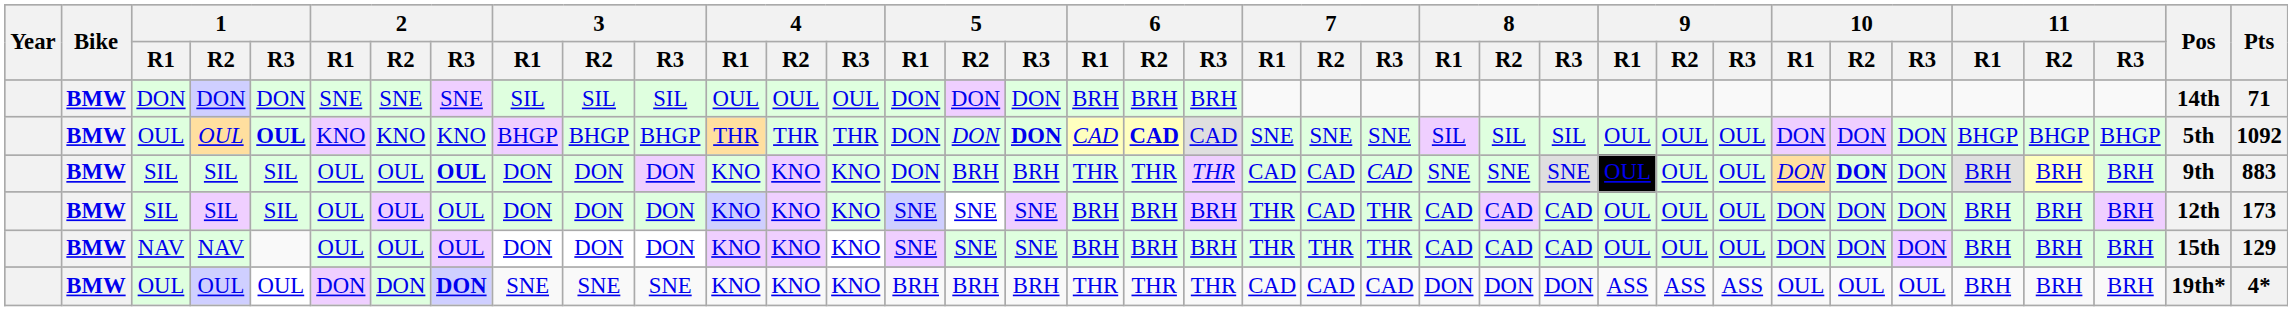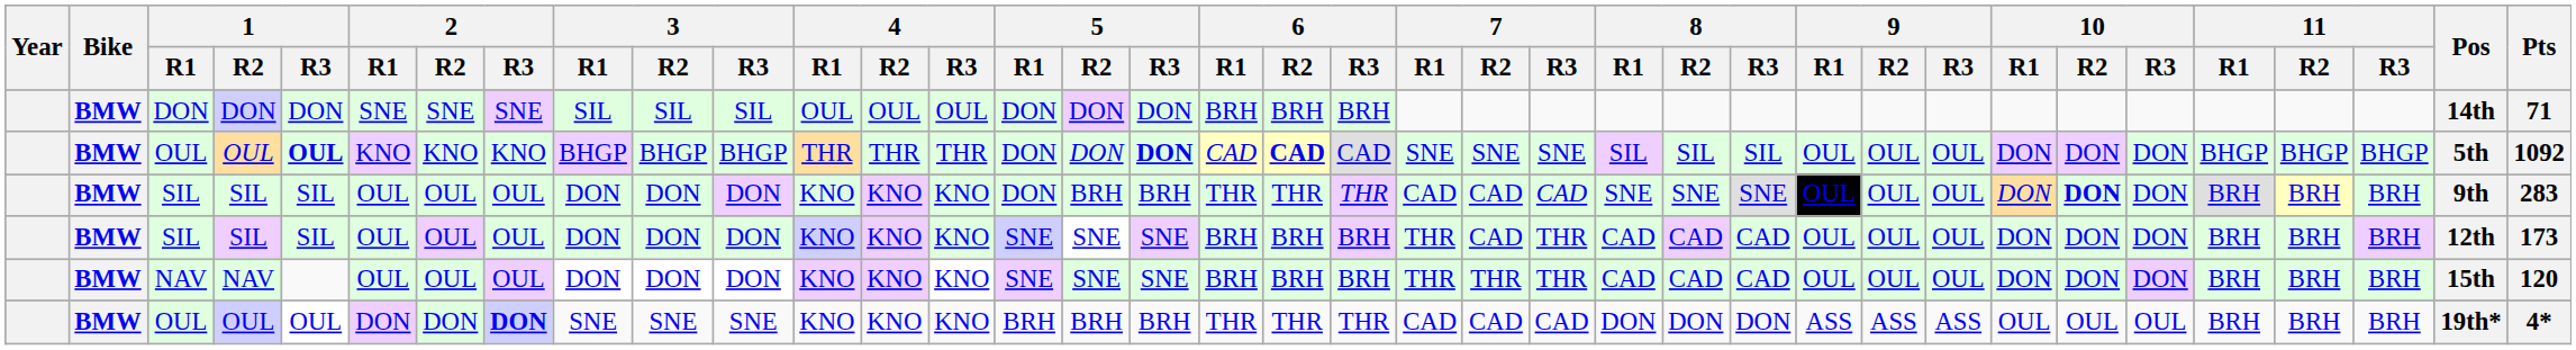 <table class="wikitable" style="text-align:center; font-size:85%;">
 <tr>
 <th rowspan="2">Year</th>
 <th rowspan="2">Bike</th>
 <th colspan="3">1</th>
 <th colspan="3">2</th>
 <th colspan="3">3</th>
 <th colspan="3">4</th>
 <th colspan="3">5</th>
 <th colspan="3">6</th>
 <th colspan="3">7</th>
 <th colspan="3">8</th>
 <th colspan="3">9</th>
 <th colspan="3">10</th>
 <th colspan="3">11</th>
 <th rowspan="2">Pos</th>
 <th rowspan="2">Pts</th>
 </tr>
 <tr>
 <th>R1</th>
 <th>R2</th>
 <th>R3</th>
 <th>R1</th>
 <th>R2</th>
 <th>R3</th>
 <th>R1</th>
 <th>R2</th>
 <th>R3</th>
 <th>R1</th>
 <th>R2</th>
 <th>R3</th>
 <th>R1</th>
 <th>R2</th>
 <th>R3</th>
 <th>R1</th>
 <th>R2</th>
 <th>R3</th>
 <th>R1</th>
 <th>R2</th>
 <th>R3</th>
 <th>R1</th>
 <th>R2</th>
 <th>R3</th>
 <th>R1</th>
 <th>R2</th>
 <th>R3</th>
 <th>R1</th>
 <th>R2</th>
 <th>R3</th>
 <th>R1</th>
 <th>R2</th>
 <th>R3</th>
 </tr>
 <tr>
 <th></th>
 <th><a href='#'>BMW</a></th>
 <td style="background:#DFFFDF;"><a href='#'>DON</a><br></td>
 <td style="background:#CFCFFF;"><a href='#'>DON</a><br></td>
 <td style="background:#DFFFDF;"><a href='#'>DON</a><br></td>
 <td style="background:#DFFFDF;"><a href='#'>SNE</a><br></td>
 <td style="background:#DFFFDF;"><a href='#'>SNE</a><br></td>
 <td style="background:#EFCFFF;"><a href='#'>SNE</a><br></td>
 <td style="background:#DFFFDF;"><a href='#'>SIL</a><br></td>
 <td style="background:#DFFFDF;"><a href='#'>SIL</a><br></td>
 <td style="background:#DFFFDF;"><a href='#'>SIL</a><br></td>
 <td style="background:#DFFFDF;"><a href='#'>OUL</a><br></td>
 <td style="background:#DFFFDF;"><a href='#'>OUL</a><br></td>
 <td style="background:#DFFFDF;"><a href='#'>OUL</a><br></td>
 <td style="background:#DFFFDF;"><a href='#'>DON</a><br></td>
 <td style="background:#EFCFFF;"><a href='#'>DON</a><br></td>
 <td style="background:#DFFFDF;"><a href='#'>DON</a><br></td>
 <td style="background:#DFFFDF;"><a href='#'>BRH</a><br></td>
 <td style="background:#DFFFDF;"><a href='#'>BRH</a><br></td>
 <td style="background:#DFFFDF;"><a href='#'>BRH</a><br></td>
 <td></td>
 <td></td>
 <td></td>
 <td></td>
 <td></td>
 <td></td>
 <td></td>
 <td></td>
 <td></td>
 <td></td>
 <td></td>
 <td></td>
 <td></td>
 <td></td>
 <td></td>
 <th>14th</th>
 <th>71</th>
 </tr>
 <tr>
 <th></th>
 <th><a href='#'>BMW</a></th>
 <td style="background:#DFFFDF;"><a href='#'>OUL</a><br></td>
 <td style="background:#FFDF9F;"><em><a href='#'>OUL</a></em><br></td>
 <td style="background:#DFFFDF;"><strong><a href='#'>OUL</a></strong><br></td>
 <td style="background:#EFCFFF;"><a href='#'>KNO</a><br></td>
 <td style="background:#DFFFDF;"><a href='#'>KNO</a><br></td>
 <td style="background:#DFFFDF;"><a href='#'>KNO</a><br></td>
 <td style="background:#EFCFFF;"><a href='#'>BHGP</a><br></td>
 <td style="background:#DFFFDF;"><a href='#'>BHGP</a><br></td>
 <td style="background:#DFFFDF;"><a href='#'>BHGP</a><br></td>
 <td style="background:#FFDF9F;"><a href='#'>THR</a><br></td>
 <td style="background:#DFFFDF;"><a href='#'>THR</a><br></td>
 <td style="background:#DFFFDF;"><a href='#'>THR</a><br></td>
 <td style="background:#DFFFDF;"><a href='#'>DON</a><br></td>
 <td style="background:#DFFFDF;"><em><a href='#'>DON</a></em><br></td>
 <td style="background:#DFFFDF;"><strong><a href='#'>DON</a></strong><br></td>
 <td style="background:#FFFFBF;"><em><a href='#'>CAD</a></em><br></td>
 <td style="background:#FFFFBF;"><strong><a href='#'>CAD</a></strong><br></td>
 <td style="background:#DFDFDF;"><a href='#'>CAD</a><br></td>
 <td style="background:#DFFFDF;"><a href='#'>SNE</a><br></td>
 <td style="background:#DFFFDF;"><a href='#'>SNE</a><br></td>
 <td style="background:#DFFFDF;"><a href='#'>SNE</a><br></td>
 <td style="background:#EFCFFF;"><a href='#'>SIL</a><br></td>
 <td style="background:#DFFFDF;"><a href='#'>SIL</a><br></td>
 <td style="background:#DFFFDF;"><a href='#'>SIL</a><br></td>
 <td style="background:#DFFFDF;"><a href='#'>OUL</a><br></td>
 <td style="background:#DFFFDF;"><a href='#'>OUL</a><br></td>
 <td style="background:#DFFFDF;"><a href='#'>OUL</a><br></td>
 <td style="background:#EFCFFF;"><a href='#'>DON</a><br></td>
 <td style="background:#EFCFFF;"><a href='#'>DON</a><br></td>
 <td style="background:#DFFFDF;"><a href='#'>DON</a><br></td>
 <td style="background:#DFFFDF;"><a href='#'>BHGP</a><br></td>
 <td style="background:#DFFFDF;"><a href='#'>BHGP</a><br></td>
 <td style="background:#DFFFDF;"><a href='#'>BHGP</a><br></td>
 <th>5th</th>
 <th>1092</th>
 </tr>
 <tr>
 <th></th>
 <th><a href='#'>BMW</a></th>
 <td style="background:#DFFFDF;"><a href='#'>SIL</a><br></td>
 <td style="background:#DFFFDF;"><a href='#'>SIL</a><br></td>
 <td style="background:#DFFFDF;"><a href='#'>SIL</a><br></td>
 <td style="background:#DFFFDF;"><a href='#'>OUL</a><br></td>
 <td style="background:#DFFFDF;"><a href='#'>OUL</a><br></td>
-<td style="background:#DFFFDF;"><strong><a href='#'>OUL</a><br></strong></td>
+<td style="background:#DFFFDF;"><a href='#'>OUL</a><br></td>
 <td style="background:#DFFFDF;"><a href='#'>DON</a><br></td>
 <td style="background:#DFFFDF;"><a href='#'>DON</a><br></td>
 <td style="background:#EFCFFF;"><a href='#'>DON</a><br></td>
 <td style="background:#DFFFDF;"><a href='#'>KNO</a><br></td>
 <td style="background:#EFCFFF;"><a href='#'>KNO</a><br></td>
 <td style="background:#DFFFDF;"><a href='#'>KNO</a><br></td>
 <td style="background:#DFFFDF;"><a href='#'>DON</a><br></td>
 <td style="background:#DFFFDF;"><a href='#'>BRH</a><br></td>
 <td style="background:#DFFFDF;"><a href='#'>BRH</a><br></td>
 <td style="background:#DFFFDF;"><a href='#'>THR</a><br></td>
 <td style="background:#DFFFDF;"><a href='#'>THR</a><br></td>
 <td style="background:#EFCFFF;"><em><a href='#'>THR</a></em><br></td>
 <td style="background:#DFFFDF;"><a href='#'>CAD</a><br></td>
 <td style="background:#DFFFDF;"><a href='#'>CAD</a><br></td>
 <td style="background:#DFFFDF;"><em><a href='#'>CAD</a></em><br></td>
 <td style="background:#DFFFDF;"><a href='#'>SNE</a><br></td>
 <td style="background:#DFFFDF;"><a href='#'>SNE</a><br></td>
 <td style="background:#DFDFDF;"><a href='#'>SNE</a><br></td>
 <td style="background-color:#000000; color:#FFFFFF"><a href='#'><span>OUL</span></a><br></td>
 <td style="background:#DFFFDF;"><a href='#'>OUL</a><br></td>
 <td style="background:#DFFFDF;"><a href='#'>OUL</a><br></td>
 <td style="background:#FFDF9F;"><em><a href='#'>DON</a></em><br></td>
 <td style="background:#DFFFDF;"><strong><a href='#'>DON</a></strong><br></td>
 <td style="background:#DFFFDF;"><a href='#'>DON</a><br></td>
 <td style="background:#DFDFDF;"><a href='#'>BRH</a><br></td>
 <td style="background:#FFFFBF;"><a href='#'>BRH</a><br></td>
 <td style="background:#DFFFDF;"><a href='#'>BRH</a><br></td>
 <th>9th</th>
-<th>883</th>
+<th>283</th>
 </tr>
 <tr>
 <th></th>
 <th><a href='#'>BMW</a></th>
 <td style="background:#DFFFDF;"><a href='#'>SIL</a><br></td>
 <td style="background:#EFCFFF;"><a href='#'>SIL</a><br></td>
 <td style="background:#DFFFDF;"><a href='#'>SIL</a><br></td>
 <td style="background:#DFFFDF;"><a href='#'>OUL</a><br></td>
 <td style="background:#EFCFFF;"><a href='#'>OUL</a><br></td>
 <td style="background:#DFFFDF;"><a href='#'>OUL</a><br></td>
 <td style="background:#DFFFDF;"><a href='#'>DON</a><br></td>
 <td style="background:#DFFFDF;"><a href='#'>DON</a><br></td>
 <td style="background:#DFFFDF;"><a href='#'>DON</a><br></td>
 <td style="background:#CFCFFF;"><a href='#'>KNO</a><br></td>
 <td style="background:#EFCFFF;"><a href='#'>KNO</a><br></td>
 <td style="background:#DFFFDF;"><a href='#'>KNO</a><br></td>
 <td style="background:#CFCFFF;"><a href='#'>SNE</a><br></td>
 <td style="background:#FFFFFF;"><a href='#'>SNE</a><br></td>
 <td style="background:#EFCFFF;"><a href='#'>SNE</a><br></td>
 <td style="background:#DFFFDF;"><a href='#'>BRH</a><br></td>
 <td style="background:#DFFFDF;"><a href='#'>BRH</a><br></td>
 <td style="background:#EFCFFF;"><a href='#'>BRH</a><br></td>
 <td style="background:#DFFFDF;"><a href='#'>THR</a><br></td>
 <td style="background:#DFFFDF;"><a href='#'>CAD</a><br></td>
 <td style="background:#DFFFDF;"><a href='#'>THR</a><br></td>
 <td style="background:#DFFFDF;"><a href='#'>CAD</a><br></td>
 <td style="background:#EFCFFF;"><a href='#'>CAD</a><br></td>
 <td style="background:#DFFFDF;"><a href='#'>CAD</a><br></td>
 <td style="background:#DFFFDF;"><a href='#'>OUL</a><br></td>
 <td style="background:#DFFFDF;"><a href='#'>OUL</a><br></td>
 <td style="background:#DFFFDF;"><a href='#'>OUL</a><br></td>
 <td style="background:#DFFFDF;"><a href='#'>DON</a><br></td>
 <td style="background:#DFFFDF;"><a href='#'>DON</a><br></td>
 <td style="background:#DFFFDF;"><a href='#'>DON</a><br></td>
 <td style="background:#DFFFDF;"><a href='#'>BRH</a><br></td>
 <td style="background:#DFFFDF;"><a href='#'>BRH</a><br></td>
 <td style="background:#EFCFFF;"><a href='#'>BRH</a><br></td>
 <th>12th</th>
 <th>173</th>
 </tr>
 <tr>
 <th></th>
 <th><a href='#'>BMW</a></th>
 <td style="background:#DFFFDF;"><a href='#'>NAV</a><br></td>
 <td style="background:#DFFFDF;"><a href='#'>NAV</a><br></td>
 <td></td>
 <td style="background:#DFFFDF;"><a href='#'>OUL</a><br></td>
 <td style="background:#DFFFDF;"><a href='#'>OUL</a><br></td>
 <td style="background:#EFCFFF;"><a href='#'>OUL</a><br></td>
 <td style="background:#FFFFFF;"><a href='#'>DON</a><br></td>
 <td style="background:#FFFFFF;"><a href='#'>DON</a><br></td>
 <td style="background:#FFFFFF;"><a href='#'>DON</a><br></td>
 <td style="background:#EFCFFF;"><a href='#'>KNO</a><br></td>
 <td style="background:#EFCFFF;"><a href='#'>KNO</a><br></td>
 <td style="background:#FFFFFF;"><a href='#'>KNO</a><br></td>
 <td style="background:#EFCFFF;"><a href='#'>SNE</a><br></td>
 <td style="background:#DFFFDF;"><a href='#'>SNE</a><br></td>
 <td style="background:#DFFFDF;"><a href='#'>SNE</a><br></td>
 <td style="background:#DFFFDF;"><a href='#'>BRH</a><br></td>
 <td style="background:#DFFFDF;"><a href='#'>BRH</a><br></td>
 <td style="background:#DFFFDF;"><a href='#'>BRH</a><br></td>
 <td style="background:#DFFFDF;"><a href='#'>THR</a><br></td>
 <td style="background:#DFFFDF;"><a href='#'>THR</a><br></td>
 <td style="background:#DFFFDF;"><a href='#'>THR</a><br></td>
 <td style="background:#DFFFDF;"><a href='#'>CAD</a><br></td>
 <td style="background:#DFFFDF;"><a href='#'>CAD</a><br></td>
 <td style="background:#DFFFDF;"><a href='#'>CAD</a><br></td>
 <td style="background:#DFFFDF;"><a href='#'>OUL</a><br></td>
 <td style="background:#DFFFDF;"><a href='#'>OUL</a><br></td>
 <td style="background:#DFFFDF;"><a href='#'>OUL</a><br></td>
 <td style="background:#DFFFDF;"><a href='#'>DON</a><br></td>
 <td style="background:#DFFFDF;"><a href='#'>DON</a><br></td>
 <td style="background:#EFCFFF;"><a href='#'>DON</a><br></td>
 <td style="background:#DFFFDF;"><a href='#'>BRH</a><br></td>
 <td style="background:#DFFFDF;"><a href='#'>BRH</a><br></td>
 <td style="background:#DFFFDF;"><a href='#'>BRH</a><br></td>
 <th>15th</th>
-<th>129</th>
+<th>120</th>
 </tr>
 <tr>
 <th></th>
 <th><a href='#'>BMW</a></th>
 <td style="background:#DFFFDF;"><a href='#'>OUL</a><br></td>
 <td style="background:#CFCFFF;"><a href='#'>OUL</a><br></td>
 <td style="background:#FFFFFF;"><a href='#'>OUL</a><br></td>
 <td style="background:#EFCFFF;"><a href='#'>DON</a><br></td>
 <td style="background:#DFFFDF;"><a href='#'>DON</a><br></td>
 <td style="background:#CFCFFF;"><strong><a href='#'>DON</a><br></strong></td>
 <td style="background:#;"><a href='#'>SNE</a><br></td>
 <td style="background:#;"><a href='#'>SNE</a><br></td>
 <td style="background:#;"><a href='#'>SNE</a><br></td>
 <td style="background:#;"><a href='#'>KNO</a><br></td>
 <td style="background:#;"><a href='#'>KNO</a><br></td>
 <td style="background:#;"><a href='#'>KNO</a><br></td>
 <td style="background:#;"><a href='#'>BRH</a><br></td>
 <td style="background:#;"><a href='#'>BRH</a><br></td>
 <td style="background:#;"><a href='#'>BRH</a><br></td>
 <td style="background:#;"><a href='#'>THR</a><br></td>
 <td style="background:#;"><a href='#'>THR</a><br></td>
 <td style="background:#;"><a href='#'>THR</a><br></td>
 <td style="background:#;"><a href='#'>CAD</a><br></td>
 <td style="background:#;"><a href='#'>CAD</a><br></td>
 <td style="background:#;"><a href='#'>CAD</a><br></td>
 <td style="background:#;"><a href='#'>DON</a><br></td>
 <td style="background:#;"><a href='#'>DON</a><br></td>
 <td style="background:#;"><a href='#'>DON</a><br></td>
 <td style="background:#;"><a href='#'>ASS</a><br></td>
 <td style="background:#;"><a href='#'>ASS</a><br></td>
 <td style="background:#;"><a href='#'>ASS</a><br></td>
 <td style="background:#;"><a href='#'>OUL</a><br></td>
 <td style="background:#;"><a href='#'>OUL</a><br></td>
 <td style="background:#;"><a href='#'>OUL</a><br></td>
 <td style="background:#;"><a href='#'>BRH</a><br></td>
 <td style="background:#;"><a href='#'>BRH</a><br></td>
 <td style="background:#;"><a href='#'>BRH</a><br></td>
 <th>19th*</th>
 <th>4*</th>
 </tr>
 </table>
